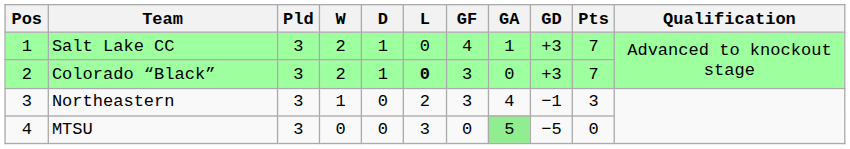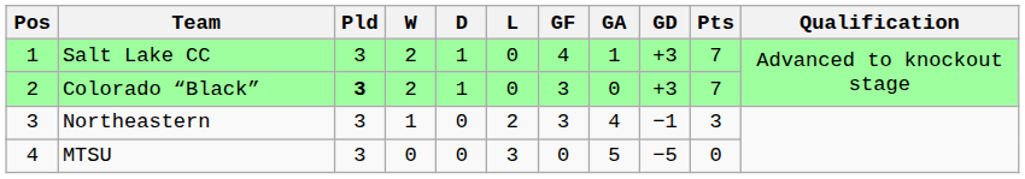 <table class="wikitable" style="text-align:center; margin: 1em auto">
 <tr>
 <th style="width:2em">Pos</th>
 <th style="width:13em">Team</th>
 <th style="width:2em">Pld</th>
 <th style="width:2em">W</th>
 <th style="width:2em">D</th>
 <th style="width:2em">L</th>
 <th style="width:2em">GF</th>
 <th style="width:2em">GA</th>
 <th style="width:2em">GD</th>
 <th style="width:2em">Pts</th>
 <th style="width:13em">Qualification</th>
 </tr>
 <tr bgcolor="#9eff9e">
 <td>1</td>
 <td style="text-align:left">Salt Lake CC</td>
 <td>3</td>
 <td>2</td>
 <td>1</td>
 <td>0</td>
 <td>4</td>
 <td>1</td>
 <td>+3</td>
 <td>7</td>
 <td rowspan="2">Advanced to knockout stage</td>
 </tr>
 <tr bgcolor="#9eff9e">
 <td>2</td>
 <td style="text-align:left">Colorado “Black”</td>
-<td>3</td>
+<td><strong>3</strong></td>
 <td>2</td>
 <td>1</td>
-<td><strong>0</strong></td>
+<td>0</td>
 <td>3</td>
 <td>0</td>
 <td>+3</td>
 <td>7</td>
 </tr>
 <tr>
 <td>3</td>
 <td style="text-align:left">Northeastern</td>
 <td>3</td>
 <td>1</td>
 <td>0</td>
 <td>2</td>
 <td>3</td>
 <td>4</td>
 <td>−1</td>
 <td>3</td>
 </tr>
 <tr>
 <td>4</td>
 <td style="text-align:left">MTSU</td>
 <td>3</td>
 <td>0</td>
 <td>0</td>
 <td>3</td>
 <td>0</td>
-<td style="background: lightgreen;">5</td>
+<td>5</td>
 <td>−5</td>
 <td>0</td>
 </tr>
 </table>
